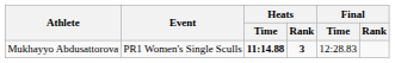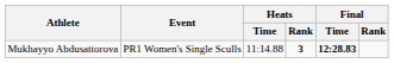 <table class="wikitable" style="text-align:center; font-size:90%">
 <tr>
 <th rowspan="2">Athlete</th>
 <th rowspan="2">Event</th>
 <th colspan="2">Heats</th>
 <th colspan="2">Final</th>
 </tr>
 <tr>
 <th>Time</th>
 <th>Rank</th>
 <th>Time</th>
 <th>Rank</th>
 </tr>
 <tr>
 <td align=left>Mukhayyo Abdusattorova</td>
 <td>PR1 Women's Single Sculls</td>
-<td><strong>11:14.88</strong></td>
+<td>11:14.88</td>
 <td><strong>3</strong></td>
-<td>12:28.83</td>
+<td><strong>12:28.83</strong></td>
 <td></td>
 </tr>
 </table>
